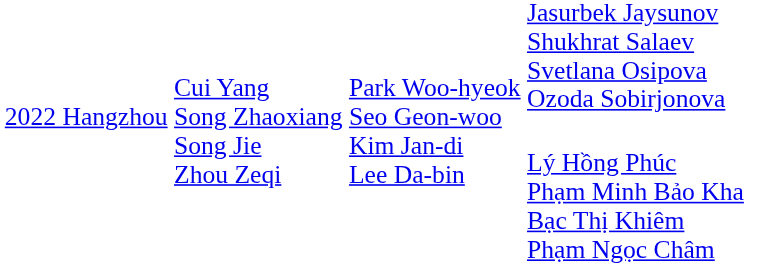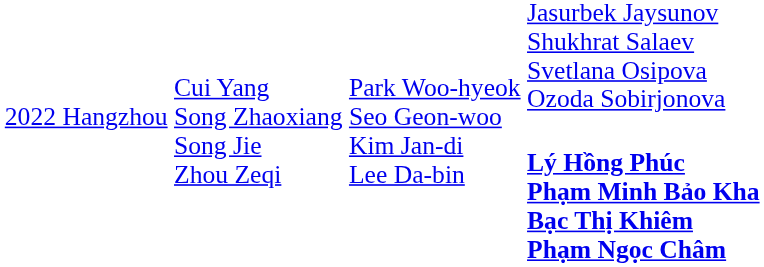 <table>
 <tr>
 <td rowspan=2><a href='#'>2022 Hangzhou</a></td>
 <td rowspan=2><br><a href='#'>Cui Yang</a><br><a href='#'>Song Zhaoxiang</a><br><a href='#'>Song Jie</a><br><a href='#'>Zhou Zeqi</a></td>
 <td rowspan=2><br><a href='#'>Park Woo-hyeok</a><br><a href='#'>Seo Geon-woo</a><br><a href='#'>Kim Jan-di</a><br><a href='#'>Lee Da-bin</a></td>
 <td><br><a href='#'>Jasurbek Jaysunov</a><br><a href='#'>Shukhrat Salaev</a><br><a href='#'>Svetlana Osipova</a><br><a href='#'>Ozoda Sobirjonova</a></td>
 </tr>
 <tr>
-<td><br><a href='#'>Lý Hồng Phúc</a><br><a href='#'>Phạm Minh Bảo Kha</a><br><a href='#'>Bạc Thị Khiêm</a><br><a href='#'>Phạm Ngọc Châm</a></td>
+<td><strong><br><a href='#'>Lý Hồng Phúc</a><br><a href='#'>Phạm Minh Bảo Kha</a><br><a href='#'>Bạc Thị Khiêm</a><br><a href='#'>Phạm Ngọc Châm</a></strong></td>
 </tr>
 </table>
